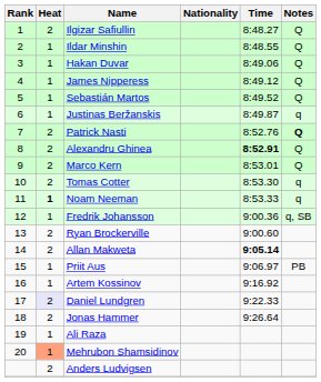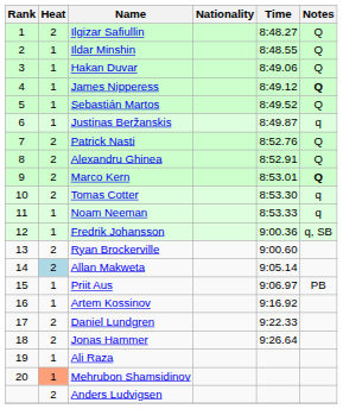 <table class="wikitable sortable" style="text-align:center">
 <tr>
 <th>Rank</th>
 <th>Heat</th>
 <th>Name</th>
 <th>Nationality</th>
 <th>Time</th>
 <th>Notes</th>
 </tr>
 <tr bgcolor=ccffcc>
 <td>1</td>
 <td>2</td>
 <td align=left><a href='#'>Ilgizar Safiullin</a></td>
 <td align=left></td>
 <td>8:48.27</td>
 <td>Q</td>
 </tr>
 <tr bgcolor=ccffcc>
 <td>2</td>
 <td>1</td>
 <td align=left><a href='#'>Ildar Minshin</a></td>
 <td align=left></td>
 <td>8:48.55</td>
 <td>Q</td>
 </tr>
 <tr bgcolor=ccffcc>
 <td>3</td>
 <td>1</td>
 <td align=left><a href='#'>Hakan Duvar</a></td>
 <td align=left></td>
 <td>8:49.06</td>
 <td>Q</td>
 </tr>
 <tr bgcolor=ccffcc>
 <td>4</td>
 <td>1</td>
 <td align=left><a href='#'>James Nipperess</a></td>
 <td align=left></td>
 <td>8:49.12</td>
-<td>Q</td>
+<td><strong>Q</strong></td>
 </tr>
 <tr bgcolor=ccffcc>
 <td>5</td>
 <td>1</td>
 <td align=left><a href='#'>Sebastián Martos</a></td>
 <td align=left></td>
 <td>8:49.52</td>
 <td>Q</td>
 </tr>
 <tr bgcolor=ddffdd>
 <td>6</td>
 <td>1</td>
 <td align=left><a href='#'>Justinas Beržanskis</a></td>
 <td align=left></td>
 <td>8:49.87</td>
 <td>q</td>
 </tr>
 <tr bgcolor=ccffcc>
 <td>7</td>
 <td>2</td>
 <td align=left><a href='#'>Patrick Nasti</a></td>
 <td align=left></td>
 <td>8:52.76</td>
-<td><strong>Q</strong></td>
+<td>Q</td>
 </tr>
 <tr bgcolor=ccffcc>
 <td>8</td>
 <td>2</td>
 <td align=left><a href='#'>Alexandru Ghinea</a></td>
 <td align=left></td>
-<td><strong>8:52.91</strong></td>
+<td>8:52.91</td>
 <td>Q</td>
 </tr>
 <tr bgcolor=ccffcc>
 <td>9</td>
 <td>2</td>
 <td align=left><a href='#'>Marco Kern</a></td>
 <td align=left></td>
 <td>8:53.01</td>
-<td>Q</td>
+<td><strong>Q</strong></td>
 </tr>
 <tr bgcolor=ddffdd>
 <td>10</td>
 <td>2</td>
 <td align=left><a href='#'>Tomas Cotter</a></td>
 <td align=left></td>
 <td>8:53.30</td>
 <td>q</td>
 </tr>
 <tr bgcolor=ddffdd>
 <td>11</td>
-<td><strong>1</strong></td>
+<td>1</td>
 <td align=left><a href='#'>Noam Neeman</a></td>
 <td align=left></td>
 <td>8:53.33</td>
 <td>q</td>
 </tr>
 <tr bgcolor=ddffdd>
 <td>12</td>
 <td>1</td>
 <td align=left><a href='#'>Fredrik Johansson</a></td>
 <td align=left></td>
 <td>9:00.36</td>
 <td>q, SB</td>
 </tr>
 <tr>
 <td>13</td>
 <td>2</td>
 <td align=left><a href='#'>Ryan Brockerville</a></td>
 <td align=left></td>
 <td>9:00.60</td>
 <td></td>
 </tr>
 <tr>
 <td>14</td>
-<td>2</td>
+<td style="background: lightblue;">2</td>
 <td align=left><a href='#'>Allan Makweta</a></td>
 <td align=left></td>
-<td><strong>9:05.14</strong></td>
+<td>9:05.14</td>
 <td></td>
 </tr>
 <tr>
 <td>15</td>
 <td>1</td>
 <td align=left><a href='#'>Priit Aus</a></td>
 <td align=left></td>
 <td>9:06.97</td>
 <td>PB</td>
 </tr>
 <tr>
 <td>16</td>
 <td>1</td>
 <td align=left><a href='#'>Artem Kossinov</a></td>
 <td align=left></td>
 <td>9:16.92</td>
 <td></td>
 </tr>
 <tr>
 <td>17</td>
-<td style="background: lavender;">2</td>
+<td>2</td>
 <td align=left><a href='#'>Daniel Lundgren</a></td>
 <td align=left></td>
 <td>9:22.33</td>
 <td></td>
 </tr>
 <tr>
 <td>18</td>
 <td>2</td>
 <td align=left><a href='#'>Jonas Hammer</a></td>
 <td align=left></td>
 <td>9:26.64</td>
 <td></td>
 </tr>
 <tr>
 <td>19</td>
 <td>1</td>
 <td align=left><a href='#'>Ali Raza</a></td>
 <td align=left></td>
 <td></td>
 <td></td>
 </tr>
 <tr>
 <td>20</td>
 <td style="background: lightsalmon;">1</td>
 <td align=left><a href='#'>Mehrubon Shamsidinov</a></td>
 <td align=left></td>
 <td></td>
 <td></td>
 </tr>
 <tr>
 <td></td>
 <td>2</td>
 <td align=left><a href='#'>Anders Ludvigsen</a></td>
 <td align=left></td>
 <td></td>
 <td></td>
 </tr>
 <tr>
 </tr>
 </table>
